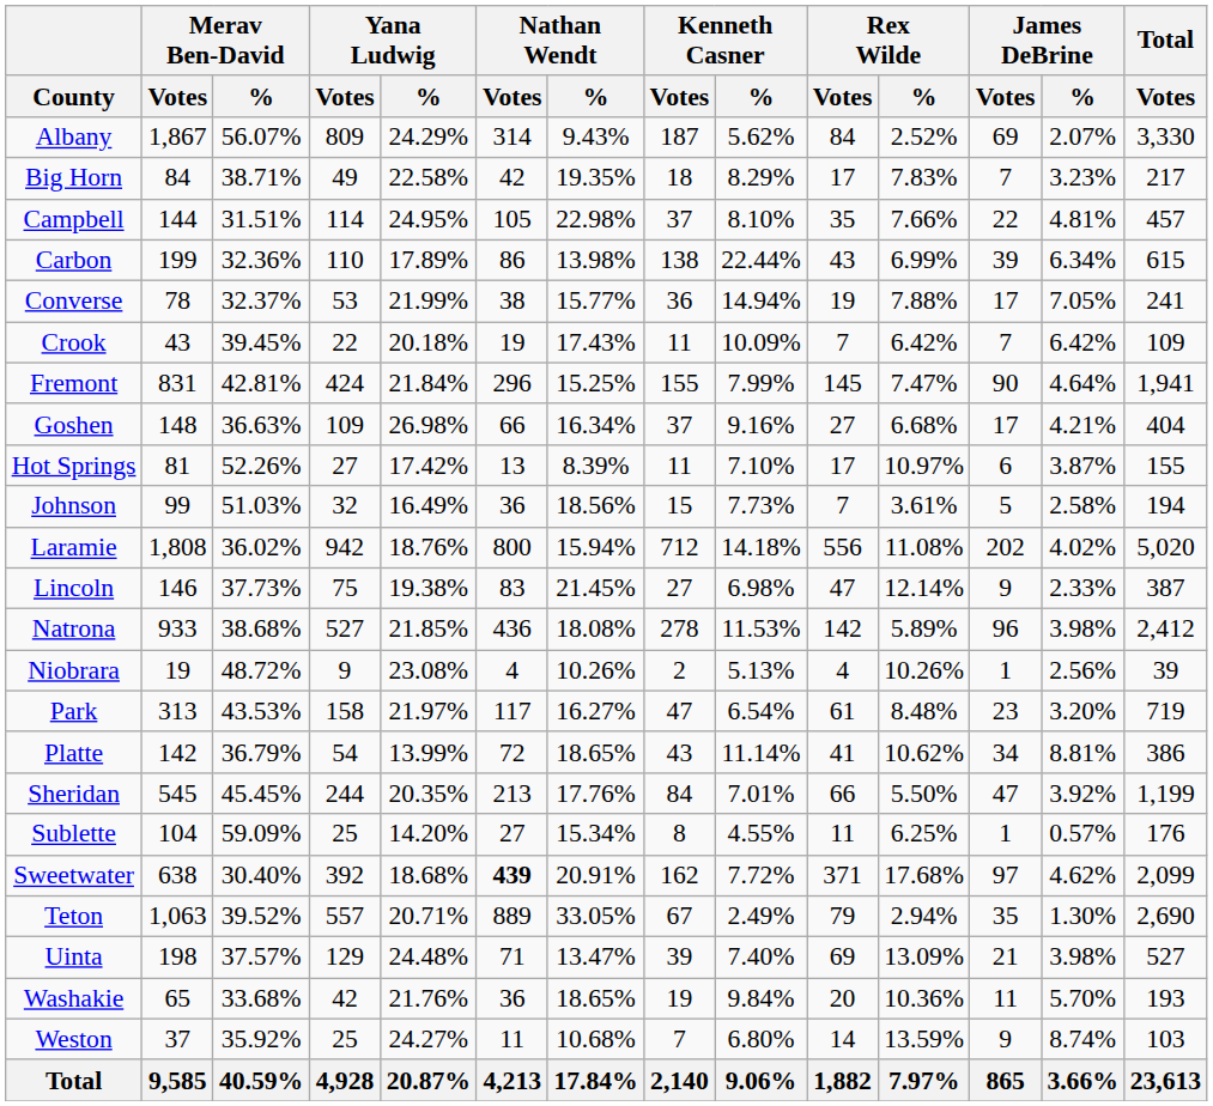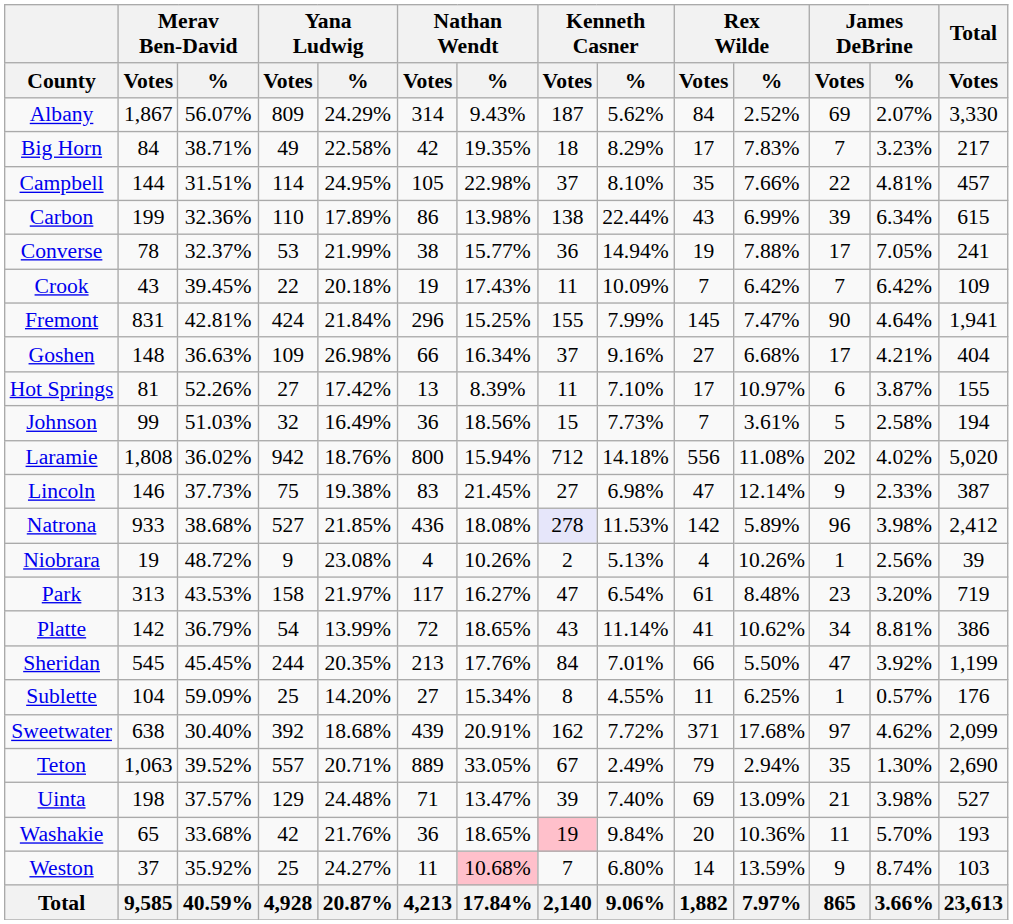 <table class="wikitable sortable" style="text-align:center">
 <tr>
 <th colspan=1></th>
 <th style="text-align:center;" colspan="2">Merav<br>Ben-David</th>
 <th style="text-align:center;" colspan="2">Yana<br>Ludwig</th>
 <th style="text-align:center;" colspan="2">Nathan<br>Wendt</th>
 <th style="text-align:center;" colspan="2">Kenneth<br>Casner</th>
 <th style="text-align:center;" colspan="2">Rex<br>Wilde</th>
 <th style="text-align:center;" colspan="2">James<br>DeBrine</th>
 <th style="text-align:center;" colspan="1">Total</th>
 </tr>
 <tr>
 <th align="center">County</th>
 <th style="text-align:center;" data-sort-type="number">Votes</th>
 <th style="text-align:center;" data-sort-type="number">%</th>
 <th style="text-align:center;" data-sort-type="number">Votes</th>
 <th style="text-align:center;" data-sort-type="number">%</th>
 <th style="text-align:center;" data-sort-type="number">Votes</th>
 <th style="text-align:center;" data-sort-type="number">%</th>
 <th style="text-align:center;" data-sort-type="number">Votes</th>
 <th style="text-align:center;" data-sort-type="number">%</th>
 <th style="text-align:center;" data-sort-type="number">Votes</th>
 <th style="text-align:center;" data-sort-type="number">%</th>
 <th style="text-align:center;" data-sort-type="number">Votes</th>
 <th style="text-align:center;" data-sort-type="number">%</th>
 <th style="text-align:center;" data-sort-type="number">Votes</th>
 </tr>
 <tr>
 <td><a href='#'>Albany</a></td>
 <td>1,867</td>
 <td>56.07%</td>
 <td>809</td>
 <td>24.29%</td>
 <td>314</td>
 <td>9.43%</td>
 <td>187</td>
 <td>5.62%</td>
 <td>84</td>
 <td>2.52%</td>
 <td>69</td>
 <td>2.07%</td>
 <td>3,330</td>
 </tr>
 <tr>
 <td><a href='#'>Big Horn</a></td>
 <td>84</td>
 <td>38.71%</td>
 <td>49</td>
 <td>22.58%</td>
 <td>42</td>
 <td>19.35%</td>
 <td>18</td>
 <td>8.29%</td>
 <td>17</td>
 <td>7.83%</td>
 <td>7</td>
 <td>3.23%</td>
 <td>217</td>
 </tr>
 <tr>
 <td><a href='#'>Campbell</a></td>
 <td>144</td>
 <td>31.51%</td>
 <td>114</td>
 <td>24.95%</td>
 <td>105</td>
 <td>22.98%</td>
 <td>37</td>
 <td>8.10%</td>
 <td>35</td>
 <td>7.66%</td>
 <td>22</td>
 <td>4.81%</td>
 <td>457</td>
 </tr>
 <tr>
 <td><a href='#'>Carbon</a></td>
 <td>199</td>
 <td>32.36%</td>
 <td>110</td>
 <td>17.89%</td>
 <td>86</td>
 <td>13.98%</td>
 <td>138</td>
 <td>22.44%</td>
 <td>43</td>
 <td>6.99%</td>
 <td>39</td>
 <td>6.34%</td>
 <td>615</td>
 </tr>
 <tr>
 <td><a href='#'>Converse</a></td>
 <td>78</td>
 <td>32.37%</td>
 <td>53</td>
 <td>21.99%</td>
 <td>38</td>
 <td>15.77%</td>
 <td>36</td>
 <td>14.94%</td>
 <td>19</td>
 <td>7.88%</td>
 <td>17</td>
 <td>7.05%</td>
 <td>241</td>
 </tr>
 <tr>
 <td><a href='#'>Crook</a></td>
 <td>43</td>
 <td>39.45%</td>
 <td>22</td>
 <td>20.18%</td>
 <td>19</td>
 <td>17.43%</td>
 <td>11</td>
 <td>10.09%</td>
 <td>7</td>
 <td>6.42%</td>
 <td>7</td>
 <td>6.42%</td>
 <td>109</td>
 </tr>
 <tr>
 <td><a href='#'>Fremont</a></td>
 <td>831</td>
 <td>42.81%</td>
 <td>424</td>
 <td>21.84%</td>
 <td>296</td>
 <td>15.25%</td>
 <td>155</td>
 <td>7.99%</td>
 <td>145</td>
 <td>7.47%</td>
 <td>90</td>
 <td>4.64%</td>
 <td>1,941</td>
 </tr>
 <tr>
 <td><a href='#'>Goshen</a></td>
 <td>148</td>
 <td>36.63%</td>
 <td>109</td>
 <td>26.98%</td>
 <td>66</td>
 <td>16.34%</td>
 <td>37</td>
 <td>9.16%</td>
 <td>27</td>
 <td>6.68%</td>
 <td>17</td>
 <td>4.21%</td>
 <td>404</td>
 </tr>
 <tr>
 <td><a href='#'>Hot Springs</a></td>
 <td>81</td>
 <td>52.26%</td>
 <td>27</td>
 <td>17.42%</td>
 <td>13</td>
 <td>8.39%</td>
 <td>11</td>
 <td>7.10%</td>
 <td>17</td>
 <td>10.97%</td>
 <td>6</td>
 <td>3.87%</td>
 <td>155</td>
 </tr>
 <tr>
 <td><a href='#'>Johnson</a></td>
 <td>99</td>
 <td>51.03%</td>
 <td>32</td>
 <td>16.49%</td>
 <td>36</td>
 <td>18.56%</td>
 <td>15</td>
 <td>7.73%</td>
 <td>7</td>
 <td>3.61%</td>
 <td>5</td>
 <td>2.58%</td>
 <td>194</td>
 </tr>
 <tr>
 <td><a href='#'>Laramie</a></td>
 <td>1,808</td>
 <td>36.02%</td>
 <td>942</td>
 <td>18.76%</td>
 <td>800</td>
 <td>15.94%</td>
 <td>712</td>
 <td>14.18%</td>
 <td>556</td>
 <td>11.08%</td>
 <td>202</td>
 <td>4.02%</td>
 <td>5,020</td>
 </tr>
 <tr>
 <td><a href='#'>Lincoln</a></td>
 <td>146</td>
 <td>37.73%</td>
 <td>75</td>
 <td>19.38%</td>
 <td>83</td>
 <td>21.45%</td>
 <td>27</td>
 <td>6.98%</td>
 <td>47</td>
 <td>12.14%</td>
 <td>9</td>
 <td>2.33%</td>
 <td>387</td>
 </tr>
 <tr>
 <td><a href='#'>Natrona</a></td>
 <td>933</td>
 <td>38.68%</td>
 <td>527</td>
 <td>21.85%</td>
 <td>436</td>
 <td>18.08%</td>
-<td>278</td>
+<td style="background: lavender;">278</td>
 <td>11.53%</td>
 <td>142</td>
 <td>5.89%</td>
 <td>96</td>
 <td>3.98%</td>
 <td>2,412</td>
 </tr>
 <tr>
 <td><a href='#'>Niobrara</a></td>
 <td>19</td>
 <td>48.72%</td>
 <td>9</td>
 <td>23.08%</td>
 <td>4</td>
 <td>10.26%</td>
 <td>2</td>
 <td>5.13%</td>
 <td>4</td>
 <td>10.26%</td>
 <td>1</td>
 <td>2.56%</td>
 <td>39</td>
 </tr>
 <tr>
 <td><a href='#'>Park</a></td>
 <td>313</td>
 <td>43.53%</td>
 <td>158</td>
 <td>21.97%</td>
 <td>117</td>
 <td>16.27%</td>
 <td>47</td>
 <td>6.54%</td>
 <td>61</td>
 <td>8.48%</td>
 <td>23</td>
 <td>3.20%</td>
 <td>719</td>
 </tr>
 <tr>
 <td><a href='#'>Platte</a></td>
 <td>142</td>
 <td>36.79%</td>
 <td>54</td>
 <td>13.99%</td>
 <td>72</td>
 <td>18.65%</td>
 <td>43</td>
 <td>11.14%</td>
 <td>41</td>
 <td>10.62%</td>
 <td>34</td>
 <td>8.81%</td>
 <td>386</td>
 </tr>
 <tr>
 <td><a href='#'>Sheridan</a></td>
 <td>545</td>
 <td>45.45%</td>
 <td>244</td>
 <td>20.35%</td>
 <td>213</td>
 <td>17.76%</td>
 <td>84</td>
 <td>7.01%</td>
 <td>66</td>
 <td>5.50%</td>
 <td>47</td>
 <td>3.92%</td>
 <td>1,199</td>
 </tr>
 <tr>
 <td><a href='#'>Sublette</a></td>
 <td>104</td>
 <td>59.09%</td>
 <td>25</td>
 <td>14.20%</td>
 <td>27</td>
 <td>15.34%</td>
 <td>8</td>
 <td>4.55%</td>
 <td>11</td>
 <td>6.25%</td>
 <td>1</td>
 <td>0.57%</td>
 <td>176</td>
 </tr>
 <tr>
 <td><a href='#'>Sweetwater</a></td>
 <td>638</td>
 <td>30.40%</td>
 <td>392</td>
 <td>18.68%</td>
-<td><strong>439</strong></td>
+<td>439</td>
 <td>20.91%</td>
 <td>162</td>
 <td>7.72%</td>
 <td>371</td>
 <td>17.68%</td>
 <td>97</td>
 <td>4.62%</td>
 <td>2,099</td>
 </tr>
 <tr>
 <td><a href='#'>Teton</a></td>
 <td>1,063</td>
 <td>39.52%</td>
 <td>557</td>
 <td>20.71%</td>
 <td>889</td>
 <td>33.05%</td>
 <td>67</td>
 <td>2.49%</td>
 <td>79</td>
 <td>2.94%</td>
 <td>35</td>
 <td>1.30%</td>
 <td>2,690</td>
 </tr>
 <tr>
 <td><a href='#'>Uinta</a></td>
 <td>198</td>
 <td>37.57%</td>
 <td>129</td>
 <td>24.48%</td>
 <td>71</td>
 <td>13.47%</td>
 <td>39</td>
 <td>7.40%</td>
 <td>69</td>
 <td>13.09%</td>
 <td>21</td>
 <td>3.98%</td>
 <td>527</td>
 </tr>
 <tr>
 <td><a href='#'>Washakie</a></td>
 <td>65</td>
 <td>33.68%</td>
 <td>42</td>
 <td>21.76%</td>
 <td>36</td>
 <td>18.65%</td>
-<td>19</td>
+<td style="background: pink;">19</td>
 <td>9.84%</td>
 <td>20</td>
 <td>10.36%</td>
 <td>11</td>
 <td>5.70%</td>
 <td>193</td>
 </tr>
 <tr>
 <td><a href='#'>Weston</a></td>
 <td>37</td>
 <td>35.92%</td>
 <td>25</td>
 <td>24.27%</td>
 <td>11</td>
-<td>10.68%</td>
+<td style="background: pink;">10.68%</td>
 <td>7</td>
 <td>6.80%</td>
 <td>14</td>
 <td>13.59%</td>
 <td>9</td>
 <td>8.74%</td>
 <td>103</td>
 </tr>
 <tr>
 <th>Total</th>
 <th>9,585</th>
 <th>40.59%</th>
 <th>4,928</th>
 <th>20.87%</th>
 <th>4,213</th>
 <th>17.84%</th>
 <th>2,140</th>
 <th>9.06%</th>
 <th>1,882</th>
 <th>7.97%</th>
 <th>865</th>
 <th>3.66%</th>
 <th>23,613</th>
 </tr>
 </table>
